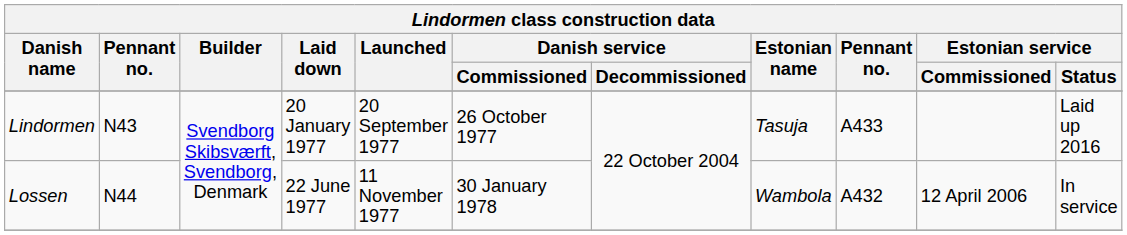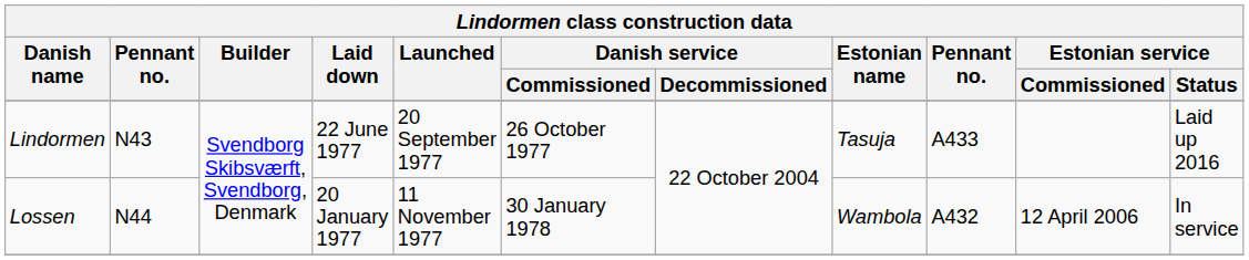 <table class="wikitable" style="font-size:95%;">
 <tr>
 <th colspan="11"><em>Lindormen</em> class construction data</th>
 </tr>
 <tr valign="top">
 <th rowspan = 2>Danish name</th>
 <th rowspan = 2>Pennant no.</th>
 <th rowspan = 2>Builder</th>
 <th rowspan = 2 width = 72>Laid down</th>
 <th rowspan = 2 width = 72>Launched</th>
 <th colspan = 2>Danish service</th>
 <th rowspan = 2>Estonian name</th>
 <th rowspan = 2 width = 72>Pennant no.</th>
 <th colspan = 2>Estonian service</th>
 </tr>
 <tr -valign="top">
 <th width = 72>Commissioned</th>
 <th width = 72>Decommissioned</th>
 <th width = 72>Commissioned</th>
 <th width = 72>Status</th>
 </tr>
 <tr -valign="top">
 </tr>
 <tr>
 <td><em>Lindormen</em></td>
 <td>N43</td>
 <td rowspan="2" align="center"><a href='#'>Svendborg Skibsværft</a>, <a href='#'>Svendborg</a>, Denmark</td>
-<td>20 January 1977</td>
+<td>22 June 1977</td>
 <td>20 September 1977</td>
 <td>26 October 1977</td>
 <td rowspan="2" align="center">22 October 2004</td>
 <td><em>Tasuja</em></td>
 <td>A433</td>
 <td></td>
 <td>Laid up 2016</td>
 </tr>
 <tr>
 <td><em>Lossen</em></td>
 <td>N44</td>
-<td>22 June 1977</td>
+<td>20 January 1977</td>
 <td>11 November 1977</td>
 <td>30 January 1978</td>
 <td><em>Wambola</em></td>
 <td>A432</td>
 <td>12 April 2006</td>
 <td>In service</td>
 </tr>
 <tr>
 </tr>
 </table>
